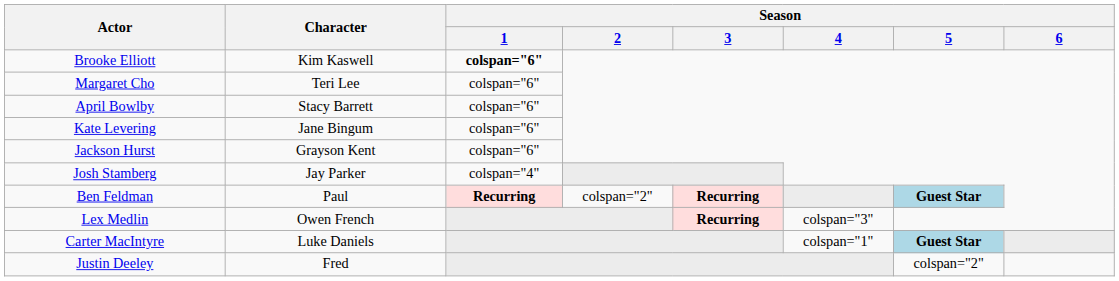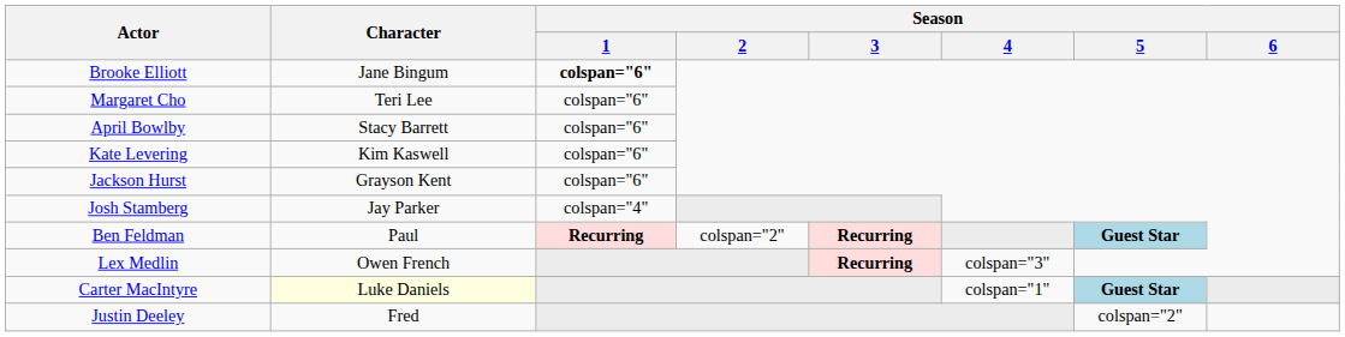 <table class="wikitable plainrowheaders" style="text-align:center">
 <tr>
 <th rowspan="2" width="14%" scope="col">Actor</th>
 <th rowspan="2" width="14%" scope="col">Character</th>
 <th colspan="6">Season</th>
 </tr>
 <tr>
 <th width="7%" scope="col"><a href='#'>1</a></th>
 <th width="7%" scope="col"><a href='#'>2</a></th>
 <th width="7%" scope="col"><a href='#'>3</a></th>
 <th width="7%" scope="col"><a href='#'>4</a></th>
 <th width="7%" scope="col"><a href='#'>5</a></th>
 <th width="7%" scope="col"><a href='#'>6</a></th>
 </tr>
 <tr>
 <td><a href='#'>Brooke Elliott</a></td>
-<td>Kim Kaswell</td>
+<td>Jane Bingum</td>
 <td><strong>colspan="6" </strong></td>
 </tr>
 <tr>
 <td><a href='#'>Margaret Cho</a></td>
 <td>Teri Lee</td>
 <td>colspan="6" </td>
 </tr>
 <tr>
 <td><a href='#'>April Bowlby</a></td>
 <td>Stacy Barrett</td>
 <td>colspan="6" </td>
 </tr>
 <tr>
 <td><a href='#'>Kate Levering</a></td>
-<td>Jane Bingum</td>
+<td>Kim Kaswell</td>
 <td>colspan="6" </td>
 </tr>
 <tr>
 <td><a href='#'>Jackson Hurst</a></td>
 <td>Grayson Kent</td>
 <td>colspan="6" </td>
 </tr>
 <tr>
 <td><a href='#'>Josh Stamberg</a></td>
 <td>Jay Parker</td>
 <td>colspan="4" </td>
 <td colspan="2" style="background: #ececec; color: grey; vertical-align: middle; text-align: center; " class="table-na"></td>
 </tr>
 <tr>
 <td><a href='#'>Ben Feldman</a></td>
 <td>Paul</td>
 <td style="background: #ffdddd" colspan="1" align="center"><strong>Recurring</strong></td>
 <td>colspan="2" </td>
 <td style="background: #ffdddd" colspan="1" align="center"><strong>Recurring</strong></td>
 <td colspan="1" style="background: #ececec; color: grey; vertical-align: middle; text-align: center; " class="table-na"></td>
 <td style="background: #ADD8E6" colspan="1" align="center"><strong>Guest Star</strong></td>
 </tr>
 <tr>
 <td><a href='#'>Lex Medlin</a></td>
 <td>Owen French</td>
 <td colspan="2" style="background: #ececec; color: grey; vertical-align: middle; text-align: center; " class="table-na"></td>
 <td style="background: #ffdddd" colspan="1" align="center"><strong>Recurring</strong></td>
 <td>colspan="3" </td>
 </tr>
 <tr>
 <td><a href='#'>Carter MacIntyre</a></td>
-<td>Luke Daniels</td>
+<td style="background: lightyellow;">Luke Daniels</td>
 <td colspan="3" style="background: #ececec; color: grey; vertical-align: middle; text-align: center; " class="table-na"></td>
 <td>colspan="1" </td>
 <td style="background: #ADD8E6" colspan="1" align="center"><strong>Guest Star</strong></td>
 <td colspan="1" style="background: #ececec; color: grey; vertical-align: middle; text-align: center; " class="table-na"></td>
 </tr>
 <tr>
 <td><a href='#'>Justin Deeley</a></td>
 <td>Fred</td>
 <td colspan="4" style="background: #ececec; color: grey; vertical-align: middle; text-align: center; " class="table-na"></td>
 <td>colspan="2" </td>
 </tr>
 </table>
